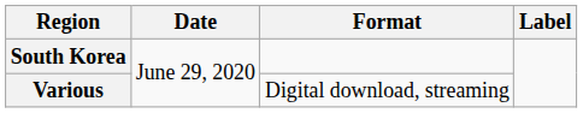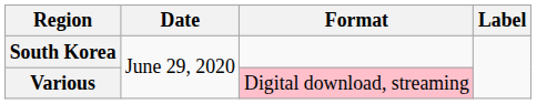 <table class="wikitable plainrowheaders">
 <tr>
 <th>Region</th>
 <th>Date</th>
 <th>Format</th>
 <th>Label</th>
 </tr>
 <tr>
 <th scope="row">South Korea</th>
 <td rowspan="2">June 29, 2020</td>
 <td></td>
 <td rowspan="2"></td>
 </tr>
 <tr>
 <th scope="row">Various</th>
-<td>Digital download, streaming</td>
+<td style="background: pink;">Digital download, streaming</td>
 </tr>
 </table>
